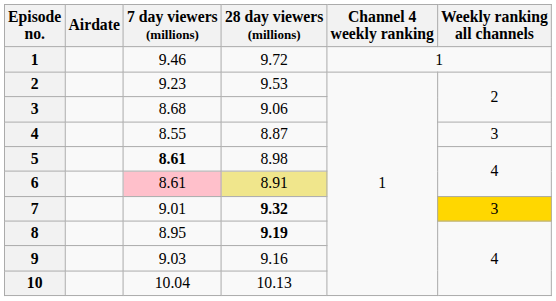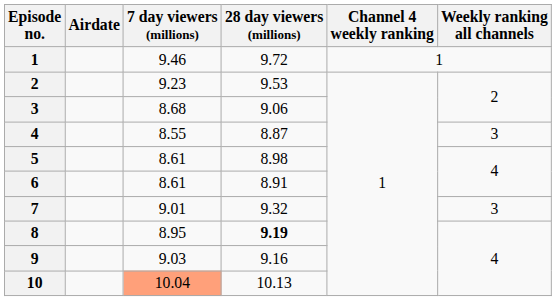 <table class="wikitable" style="text-align:center;">
 <tr>
 <th scope="col">Episode<br>no.</th>
 <th scope="col">Airdate</th>
 <th scope="col">7 day viewers<br><small>(millions)</small></th>
 <th scope="col">28 day viewers<br><small>(millions)</small></th>
 <th scope="col">Channel 4<br>weekly ranking</th>
 <th scope="col">Weekly ranking<br>all channels</th>
 </tr>
 <tr>
 <th scope="row">1</th>
 <td align="left"></td>
 <td>9.46</td>
 <td>9.72</td>
 <td colspan="2">1</td>
 </tr>
 <tr>
 <th scope="row">2</th>
 <td align="left"></td>
 <td>9.23</td>
 <td>9.53</td>
 <td rowspan="9">1</td>
 <td rowspan="2">2</td>
 </tr>
 <tr>
 <th scope="row">3</th>
 <td align="left"></td>
 <td>8.68</td>
 <td>9.06</td>
 </tr>
 <tr>
 <th scope="row">4</th>
 <td align="left"></td>
 <td>8.55</td>
 <td>8.87</td>
 <td>3</td>
 </tr>
 <tr>
 <th scope="row">5</th>
 <td align="left"></td>
-<td><strong>8.61</strong></td>
+<td>8.61</td>
 <td>8.98</td>
 <td rowspan="2">4</td>
 </tr>
 <tr>
 <th scope="row">6</th>
 <td align="left"></td>
-<td style="background: pink;">8.61</td>
-<td style="background: khaki;">8.91</td>
+<td>8.61</td>
+<td>8.91</td>
 </tr>
 <tr>
 <th scope="row">7</th>
 <td align="left"></td>
 <td>9.01</td>
-<td><strong>9.32</strong></td>
-<td style="background: gold;">3</td>
+<td>9.32</td>
+<td>3</td>
 </tr>
 <tr>
 <th scope="row">8</th>
 <td align="left"></td>
 <td>8.95</td>
 <td><strong>9.19</strong></td>
 <td rowspan="3">4</td>
 </tr>
 <tr>
 <th scope="row">9</th>
 <td align="left"></td>
 <td>9.03</td>
 <td>9.16</td>
 </tr>
 <tr>
 <th scope="row">10</th>
 <td align="left"></td>
-<td>10.04</td>
+<td style="background: lightsalmon;">10.04</td>
 <td>10.13</td>
 </tr>
 </table>
